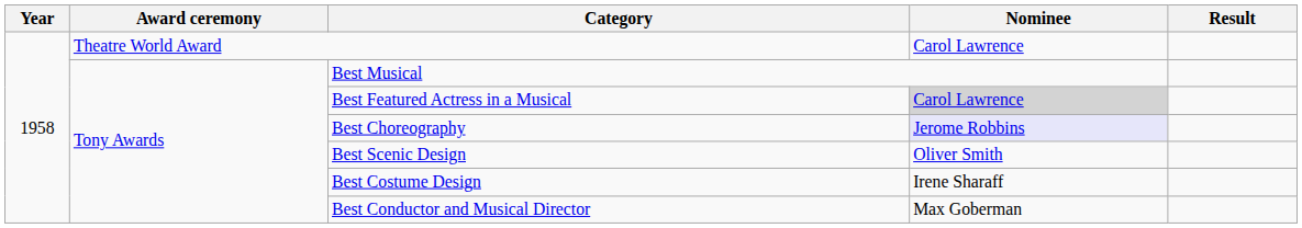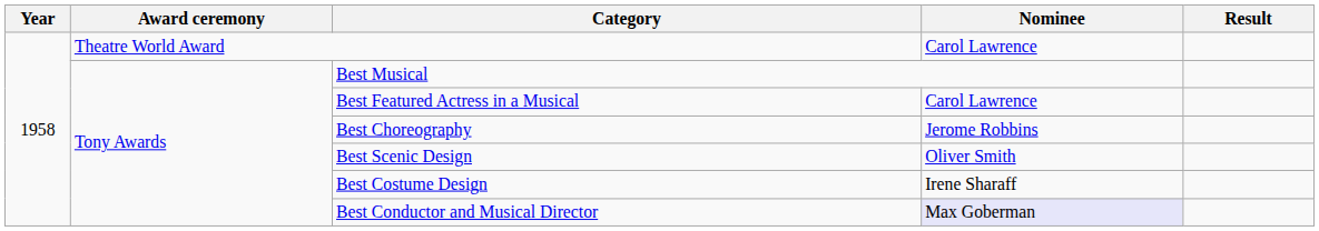 <table class="wikitable" style="width:95%;">
 <tr>
 <th style="width:5%;">Year</th>
 <th style="width:20%;">Award ceremony</th>
 <th style="width:45%;">Category</th>
 <th style="width:20%;">Nominee</th>
 <th style="width:10%;">Result</th>
 </tr>
 <tr>
 <td rowspan="7" style="text-align:center;">1958</td>
 <td colspan="2"><a href='#'>Theatre World Award</a></td>
 <td><a href='#'>Carol Lawrence</a></td>
 <td></td>
 </tr>
 <tr>
 <td rowspan="6"><a href='#'>Tony Awards</a></td>
 <td colspan="2"><a href='#'>Best Musical</a></td>
 <td></td>
 </tr>
 <tr>
 <td><a href='#'>Best Featured Actress in a Musical</a></td>
-<td style="background: lightgrey;"><a href='#'>Carol Lawrence</a></td>
+<td><a href='#'>Carol Lawrence</a></td>
 <td></td>
 </tr>
 <tr>
 <td><a href='#'>Best Choreography</a></td>
-<td style="background: lavender;"><a href='#'>Jerome Robbins</a></td>
+<td><a href='#'>Jerome Robbins</a></td>
 <td></td>
 </tr>
 <tr>
 <td><a href='#'>Best Scenic Design</a></td>
 <td><a href='#'>Oliver Smith</a></td>
 <td></td>
 </tr>
 <tr>
 <td><a href='#'>Best Costume Design</a></td>
 <td>Irene Sharaff</td>
 <td></td>
 </tr>
 <tr>
 <td><a href='#'>Best Conductor and Musical Director</a></td>
-<td>Max Goberman</td>
+<td style="background: lavender;">Max Goberman</td>
 <td></td>
 </tr>
 </table>
